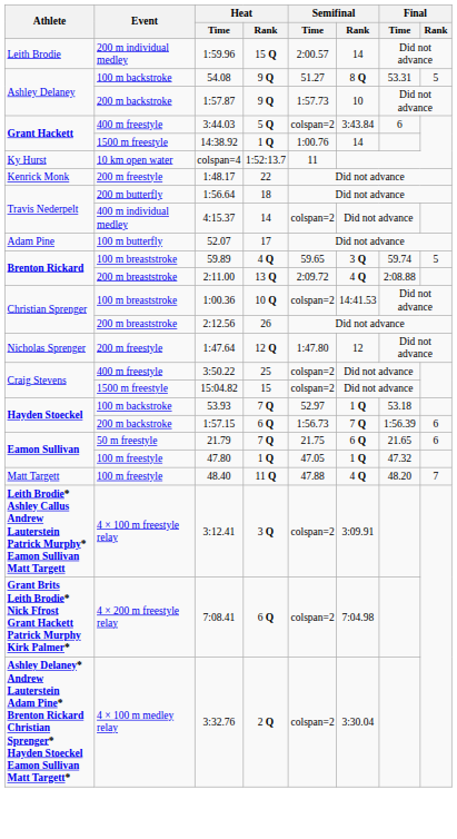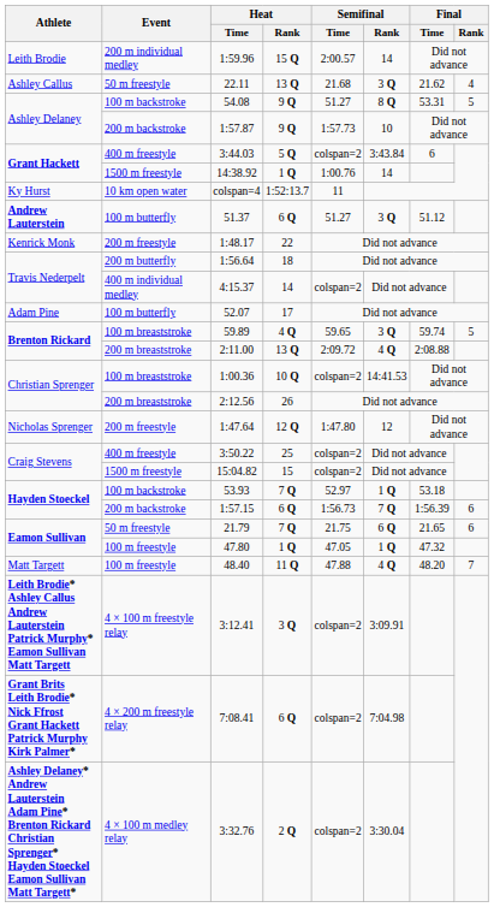 <table class=wikitable style="font-size:90%">
 <tr>
 <th rowspan="2">Athlete</th>
 <th rowspan="2">Event</th>
 <th colspan="2">Heat</th>
 <th colspan="2">Semifinal</th>
 <th colspan="2">Final</th>
 </tr>
 <tr style="font-size:95%">
 <th>Time</th>
 <th>Rank</th>
 <th>Time</th>
 <th>Rank</th>
 <th>Time</th>
 <th>Rank</th>
 </tr>
 <tr align=center>
 <td align=left><a href='#'>Leith Brodie</a></td>
 <td align=left><a href='#'>200 m individual medley</a></td>
 <td>1:59.96</td>
 <td>15 <strong>Q</strong></td>
 <td>2:00.57</td>
 <td>14</td>
 <td colspan=2>Did not advance</td>
+</tr>
+<tr align=center>
+<td align=left><a href='#'>Ashley Callus</a></td>
+<td align=left><a href='#'>50 m freestyle</a></td>
+<td>22.11</td>
+<td>13 <strong>Q</strong></td>
+<td>21.68</td>
+<td>3 <strong>Q</strong></td>
+<td>21.62</td>
+<td>4</td>
 </tr>
 <tr align=center>
 <td align=left rowspan=2><a href='#'>Ashley Delaney</a></td>
 <td align=left><a href='#'>100 m backstroke</a></td>
 <td>54.08</td>
 <td>9 <strong>Q</strong></td>
 <td>51.27</td>
 <td>8 <strong>Q</strong></td>
 <td>53.31</td>
 <td>5</td>
 </tr>
 <tr align=center>
 <td align=left><a href='#'>200 m backstroke</a></td>
 <td>1:57.87</td>
 <td>9 <strong>Q</strong></td>
 <td>1:57.73</td>
 <td>10</td>
 <td colspan=2>Did not advance</td>
 </tr>
 <tr align=center>
 <td align=left rowspan=2><strong><a href='#'>Grant Hackett</a></strong></td>
 <td align=left><a href='#'>400 m freestyle</a></td>
 <td>3:44.03</td>
 <td>5 <strong>Q</strong></td>
 <td>colspan=2 </td>
 <td>3:43.84</td>
 <td>6</td>
 </tr>
 <tr align=center>
 <td align=left><a href='#'>1500 m freestyle</a></td>
 <td>14:38.92</td>
 <td>1 <strong>Q</strong></td>
 <td>1:00.76</td>
 <td>14</td>
 <td></td>
 </tr>
 <tr align=center>
 <td align=left><a href='#'>Ky Hurst</a></td>
 <td align=left><a href='#'>10 km open water</a></td>
 <td>colspan=4 </td>
 <td>1:52:13.7</td>
 <td>11</td>
+</tr>
+<tr align=center>
+<td align=left><strong><a href='#'>Andrew Lauterstein</a></strong></td>
+<td align=left><a href='#'>100 m butterfly</a></td>
+<td>51.37</td>
+<td>6 <strong>Q</strong></td>
+<td>51.27</td>
+<td>3 <strong>Q</strong></td>
+<td>51.12</td>
+<td></td>
 </tr>
 <tr align=center>
 <td align=left><a href='#'>Kenrick Monk</a></td>
 <td align=left><a href='#'>200 m freestyle</a></td>
 <td>1:48.17</td>
 <td>22</td>
 <td colspan=4>Did not advance</td>
 </tr>
 <tr align=center>
 <td align=left rowspan=2><a href='#'>Travis Nederpelt</a></td>
 <td align=left><a href='#'>200 m butterfly</a></td>
 <td>1:56.64</td>
 <td>18</td>
 <td colspan=4>Did not advance</td>
 </tr>
 <tr align=center>
 <td align=left><a href='#'>400 m individual medley</a></td>
 <td>4:15.37</td>
 <td>14</td>
 <td>colspan=2 </td>
 <td colspan=2>Did not advance</td>
 </tr>
 <tr align=center>
 <td align=left><a href='#'>Adam Pine</a></td>
 <td align=left><a href='#'>100 m butterfly</a></td>
 <td>52.07</td>
 <td>17</td>
 <td colspan=4>Did not advance</td>
 </tr>
 <tr align=center>
 <td align=left rowspan=2><strong><a href='#'>Brenton Rickard</a></strong></td>
 <td align=left><a href='#'>100 m breaststroke</a></td>
 <td>59.89</td>
 <td>4 <strong>Q</strong></td>
 <td>59.65</td>
 <td>3 <strong>Q</strong></td>
 <td>59.74</td>
 <td>5</td>
 </tr>
 <tr align=center>
 <td align=left><a href='#'>200 m breaststroke</a></td>
 <td>2:11.00</td>
 <td>13 <strong>Q</strong></td>
 <td>2:09.72</td>
 <td>4 <strong>Q</strong></td>
 <td>2:08.88</td>
 <td></td>
 </tr>
 <tr align=center>
 <td align=left rowspan=2><a href='#'>Christian Sprenger</a></td>
 <td align=left><a href='#'>100 m breaststroke</a></td>
 <td>1:00.36</td>
 <td>10 <strong>Q</strong></td>
 <td>colspan=2 </td>
 <td>14:41.53</td>
 <td colspan=2>Did not advance</td>
 </tr>
 <tr align=center>
 <td align=left><a href='#'>200 m breaststroke</a></td>
 <td>2:12.56</td>
 <td>26</td>
 <td colspan=4>Did not advance</td>
 </tr>
 <tr align=center>
 <td align=left><a href='#'>Nicholas Sprenger</a></td>
 <td align=left><a href='#'>200 m freestyle</a></td>
 <td>1:47.64</td>
 <td>12 <strong>Q</strong></td>
 <td>1:47.80</td>
 <td>12</td>
 <td colspan=2>Did not advance</td>
 </tr>
 <tr align=center>
 <td align=left rowspan=2><a href='#'>Craig Stevens</a></td>
 <td align=left><a href='#'>400 m freestyle</a></td>
 <td>3:50.22</td>
 <td>25</td>
 <td>colspan=2 </td>
 <td colspan=2>Did not advance</td>
 </tr>
 <tr align=center>
 <td align=left><a href='#'>1500 m freestyle</a></td>
 <td>15:04.82</td>
 <td>15</td>
 <td>colspan=2 </td>
 <td colspan=2>Did not advance</td>
 </tr>
 <tr align=center>
 <td align=left rowspan=2><strong><a href='#'>Hayden Stoeckel</a></strong></td>
 <td align=left><a href='#'>100 m backstroke</a></td>
 <td>53.93</td>
 <td>7 <strong>Q</strong></td>
 <td>52.97</td>
 <td>1 <strong>Q</strong></td>
 <td>53.18</td>
 <td></td>
 </tr>
 <tr align=center>
 <td align=left><a href='#'>200 m backstroke</a></td>
 <td>1:57.15</td>
 <td>6 <strong>Q</strong></td>
 <td>1:56.73</td>
 <td>7 <strong>Q</strong></td>
 <td>1:56.39</td>
 <td>6</td>
 </tr>
 <tr align=center>
 <td align=left rowspan=2><strong><a href='#'>Eamon Sullivan</a></strong></td>
 <td align=left><a href='#'>50 m freestyle</a></td>
 <td>21.79</td>
 <td>7 <strong>Q</strong></td>
 <td>21.75</td>
 <td>6 <strong>Q</strong></td>
 <td>21.65</td>
 <td>6</td>
 </tr>
 <tr align=center>
 <td align=left><a href='#'>100 m freestyle</a></td>
 <td>47.80</td>
 <td>1 <strong>Q</strong></td>
 <td>47.05 </td>
 <td>1 <strong>Q</strong></td>
 <td>47.32</td>
 <td></td>
 </tr>
 <tr align=center>
 <td align=left><a href='#'>Matt Targett</a></td>
 <td align=left><a href='#'>100 m freestyle</a></td>
 <td>48.40</td>
 <td>11 <strong>Q</strong></td>
 <td>47.88</td>
 <td>4 <strong>Q</strong></td>
 <td>48.20</td>
 <td>7</td>
 </tr>
 <tr align=center>
 <td align=left><strong><a href='#'>Leith Brodie</a>*<br><a href='#'>Ashley Callus</a><br><a href='#'>Andrew Lauterstein</a><br><a href='#'>Patrick Murphy</a>*<br><a href='#'>Eamon Sullivan</a><br><a href='#'>Matt Targett</a></strong></td>
 <td align=left><a href='#'>4 × 100 m freestyle relay</a></td>
 <td>3:12.41</td>
 <td>3 <strong>Q</strong></td>
 <td>colspan=2 </td>
 <td>3:09.91</td>
 <td></td>
 </tr>
 <tr align=center>
 <td align=left><strong><a href='#'>Grant Brits</a><br><a href='#'>Leith Brodie</a>*<br><a href='#'>Nick Ffrost</a><br><a href='#'>Grant Hackett</a><br><a href='#'>Patrick Murphy</a><br><a href='#'>Kirk Palmer</a>*</strong></td>
 <td align=left><a href='#'>4 × 200 m freestyle relay</a></td>
 <td>7:08.41</td>
 <td>6 <strong>Q</strong></td>
 <td>colspan=2 </td>
 <td>7:04.98</td>
 <td></td>
 </tr>
 <tr align=center>
 <td align=left><strong><a href='#'>Ashley Delaney</a>*<br><a href='#'>Andrew Lauterstein</a><br><a href='#'>Adam Pine</a>*<br><a href='#'>Brenton Rickard</a><br><a href='#'>Christian Sprenger</a>*<br><a href='#'>Hayden Stoeckel</a><br><a href='#'>Eamon Sullivan</a><br><a href='#'>Matt Targett</a>*</strong></td>
 <td align=left><a href='#'>4 × 100 m medley relay</a></td>
 <td>3:32.76</td>
 <td>2 <strong>Q</strong></td>
 <td>colspan=2 </td>
 <td>3:30.04</td>
 <td></td>
 </tr>
 </table>
